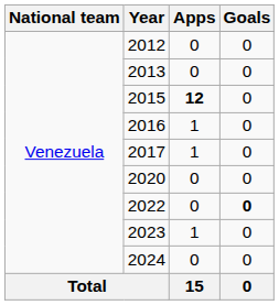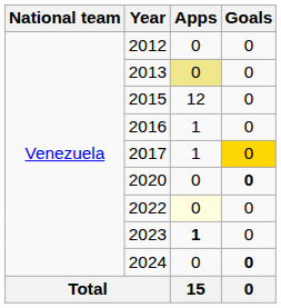 <table class="wikitable" style="text-align:center">
 <tr>
 <th>National team</th>
 <th>Year</th>
 <th>Apps</th>
 <th>Goals</th>
 </tr>
 <tr>
 <td rowspan="10"><a href='#'>Venezuela</a></td>
 </tr>
 <tr>
 <td>2012</td>
 <td>0</td>
 <td>0</td>
 </tr>
 <tr>
 <td>2013</td>
-<td>0</td>
+<td style="background: khaki;">0</td>
 <td>0</td>
 </tr>
 <tr>
 <td>2015</td>
-<td><strong>12</strong></td>
+<td>12</td>
 <td>0</td>
 </tr>
 <tr>
 <td>2016</td>
 <td>1</td>
 <td>0</td>
 </tr>
 <tr>
 <td>2017</td>
 <td>1</td>
-<td>0</td>
+<td style="background: gold;">0</td>
 </tr>
 <tr>
 <td>2020</td>
 <td>0</td>
+<td><strong>0</strong></td>
+</tr>
+<tr>
+<td>2022</td>
+<td style="background: lightyellow;">0</td>
 <td>0</td>
 </tr>
 <tr>
-<td>2022</td>
-<td>0</td>
-<td><strong>0</strong></td>
-</tr>
-<tr>
 <td>2023</td>
-<td>1</td>
+<td><strong>1</strong></td>
 <td>0</td>
 </tr>
 <tr>
 <td>2024</td>
 <td>0</td>
-<td>0</td>
+<td><strong>0</strong></td>
 </tr>
 <tr>
 <th colspan="2">Total</th>
 <th>15</th>
 <th>0</th>
 </tr>
 </table>
